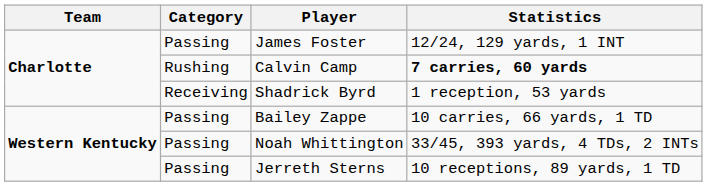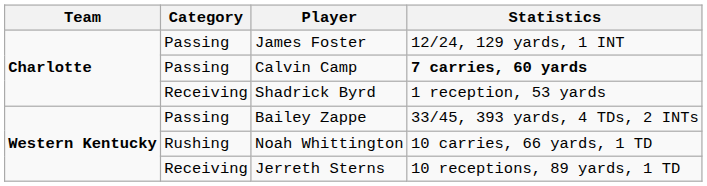 <table class="wikitable" style="float: left;">
 <tr>
 <th>Team</th>
 <th>Category</th>
 <th>Player</th>
 <th>Statistics</th>
 </tr>
 <tr>
 <td rowspan=3><strong>Charlotte</strong></td>
 <td>Passing</td>
 <td>James Foster</td>
 <td>12/24, 129 yards, 1 INT</td>
 </tr>
 <tr>
-<td>Rushing</td>
+<td>Passing</td>
 <td>Calvin Camp</td>
 <td><strong>7 carries, 60 yards</strong></td>
 </tr>
 <tr>
 <td>Receiving</td>
 <td>Shadrick Byrd</td>
 <td>1 reception, 53 yards</td>
 </tr>
 <tr>
 <td rowspan=3><strong>Western Kentucky</strong></td>
 <td>Passing</td>
 <td>Bailey Zappe</td>
+<td>33/45, 393 yards, 4 TDs, 2 INTs</td>
+</tr>
+<tr>
+<td>Rushing</td>
+<td>Noah Whittington</td>
 <td>10 carries, 66 yards, 1 TD</td>
 </tr>
 <tr>
-<td>Passing</td>
-<td>Noah Whittington</td>
-<td>33/45, 393 yards, 4 TDs, 2 INTs</td>
-</tr>
-<tr>
-<td>Passing</td>
+<td>Receiving</td>
 <td>Jerreth Sterns</td>
 <td>10 receptions, 89 yards, 1 TD</td>
 </tr>
 </table>
